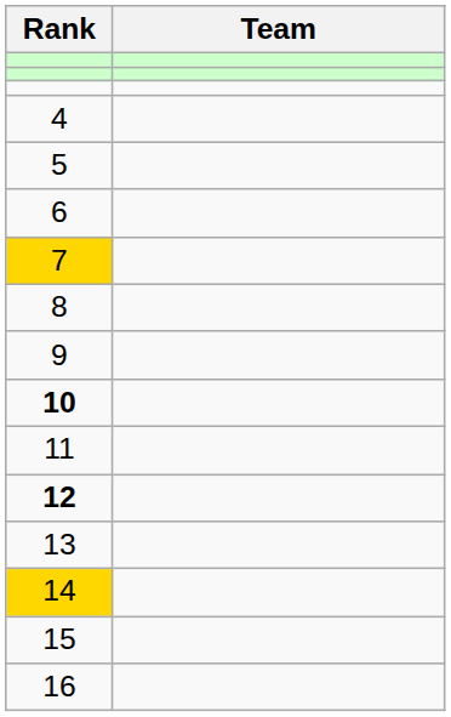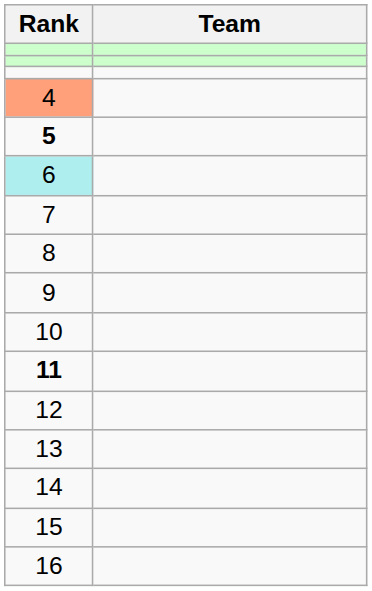 <table class="wikitable" style="text-align: center">
 <tr>
 <th width=50>Rank</th>
 <th width=170>Team</th>
 </tr>
 <tr bgcolor=ccffcc>
 <td></td>
 <td align=left></td>
 </tr>
 <tr bgcolor=ccffcc>
 <td></td>
 <td align=left></td>
 </tr>
 <tr>
 <td></td>
 <td align=left></td>
 </tr>
 <tr>
-<td>4</td>
+<td style="background: lightsalmon;">4</td>
 <td align=left></td>
 </tr>
 <tr>
-<td>5</td>
+<td><strong>5</strong></td>
 <td align=left></td>
 </tr>
 <tr>
-<td>6</td>
+<td style="background: paleturquoise;">6</td>
 <td align=left></td>
 </tr>
 <tr>
-<td style="background: gold;">7</td>
+<td>7</td>
 <td align=left></td>
 </tr>
 <tr>
 <td>8</td>
 <td align=left></td>
 </tr>
 <tr>
 <td>9</td>
 <td align=left></td>
 </tr>
 <tr>
-<td><strong>10</strong></td>
+<td>10</td>
 <td align=left></td>
 </tr>
 <tr>
-<td>11</td>
+<td><strong>11</strong></td>
 <td align=left></td>
 </tr>
 <tr>
-<td><strong>12</strong></td>
+<td>12</td>
 <td align=left></td>
 </tr>
 <tr>
 <td>13</td>
 <td align=left></td>
 </tr>
 <tr>
-<td style="background: gold;">14</td>
+<td>14</td>
 <td align=left></td>
 </tr>
 <tr>
 <td>15</td>
 <td align=left></td>
 </tr>
 <tr>
 <td>16</td>
 <td align=left></td>
 </tr>
 </table>
